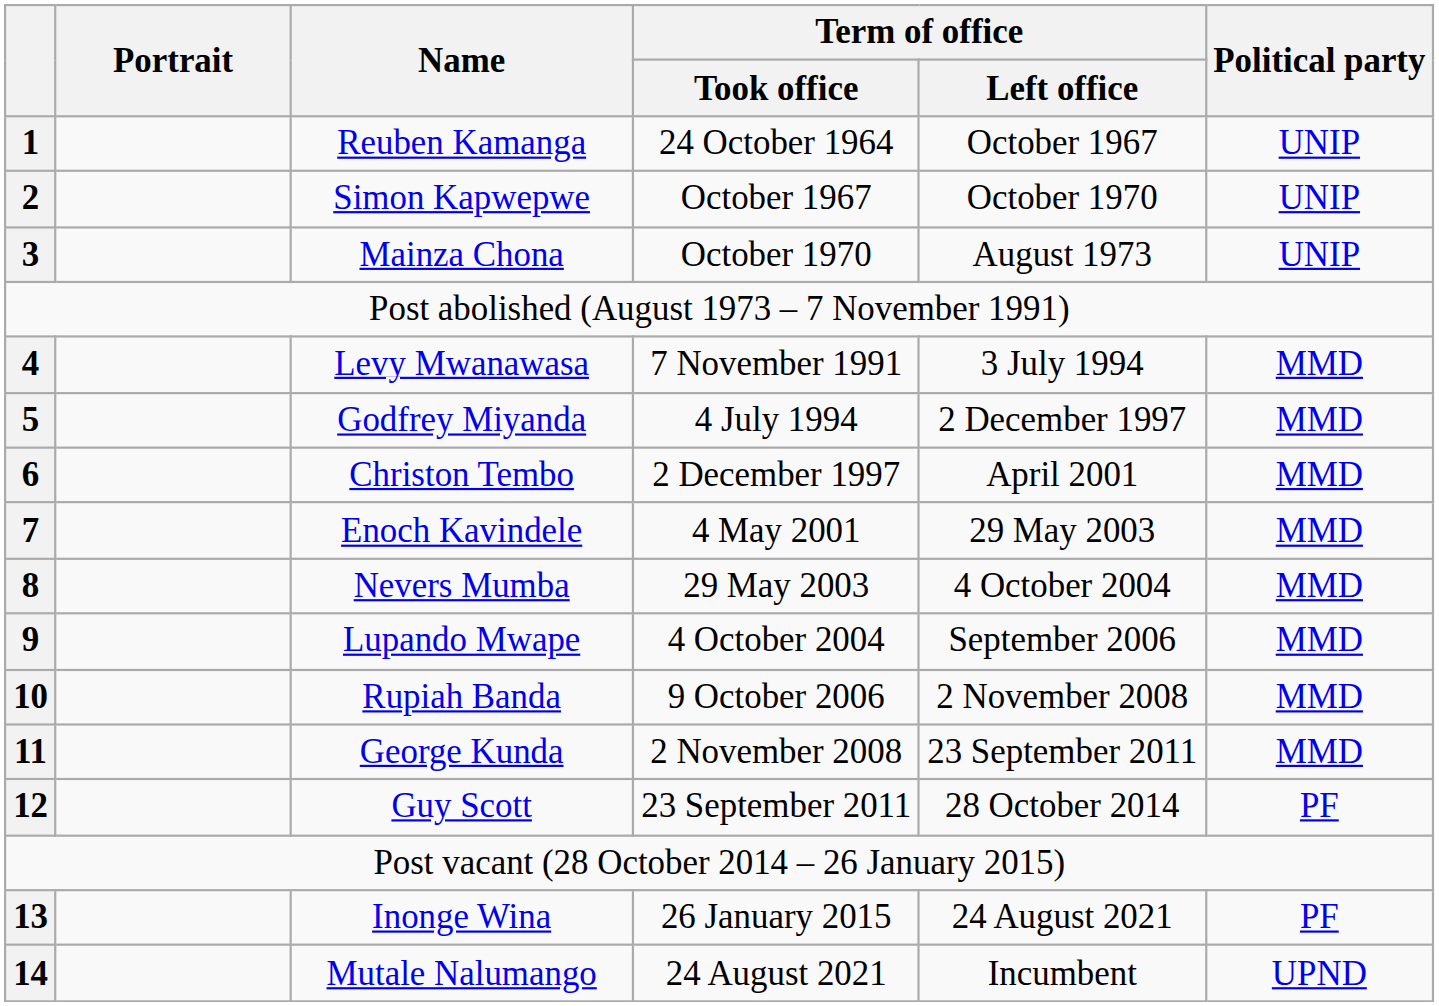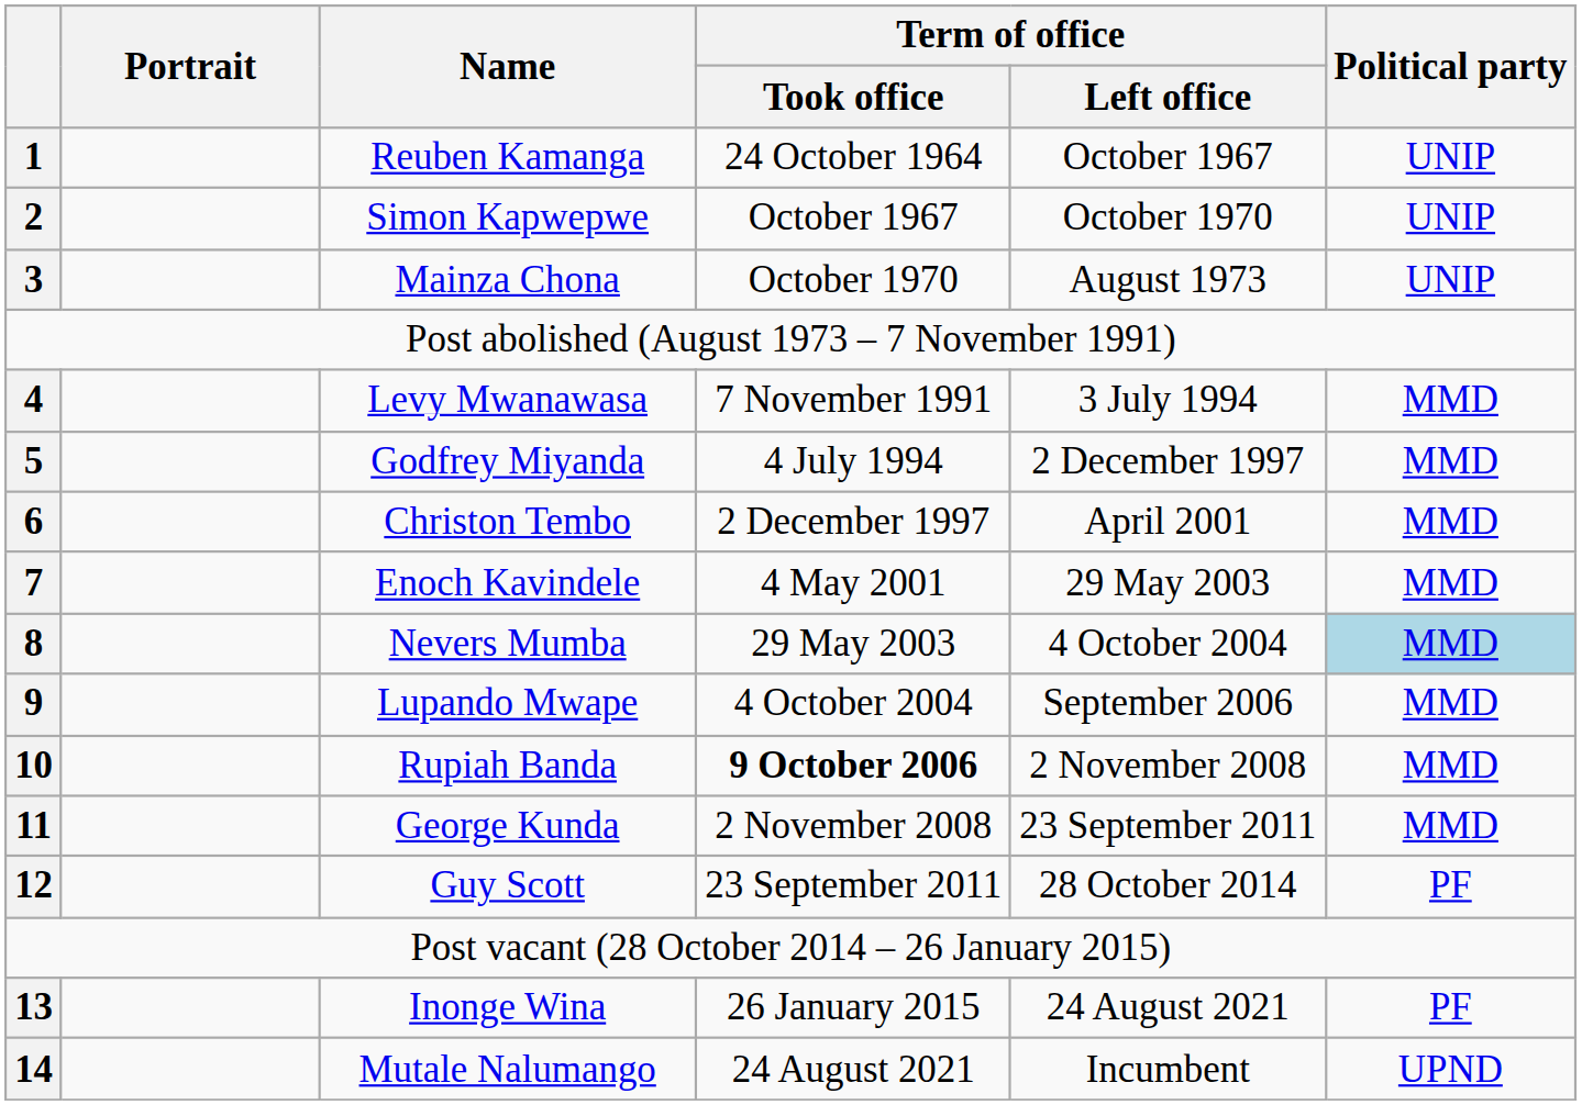 <table class="wikitable" style="text-align:center">
 <tr>
 <th rowspan="2"></th>
 <th rowspan="2" style="width:100px;">Portrait</th>
 <th rowspan="2" width="150">Name<br></th>
 <th colspan="2">Term of office</th>
 <th rowspan="2">Political party</th>
 </tr>
 <tr>
 <th>Took office</th>
 <th>Left office</th>
 </tr>
 <tr>
 <th style="background:">1</th>
 <td></td>
 <td><a href='#'>Reuben Kamanga</a><br></td>
 <td>24 October 1964</td>
 <td>October 1967</td>
 <td><a href='#'>UNIP</a></td>
 </tr>
 <tr>
 <th style="background:">2</th>
 <td></td>
 <td><a href='#'>Simon Kapwepwe</a><br></td>
 <td>October 1967</td>
 <td>October 1970</td>
 <td><a href='#'>UNIP</a></td>
 </tr>
 <tr>
 <th style="background:">3</th>
 <td></td>
 <td><a href='#'>Mainza Chona</a><br></td>
 <td>October 1970</td>
 <td>August 1973</td>
 <td><a href='#'>UNIP</a></td>
 </tr>
 <tr>
 <td colspan="6">Post abolished (August 1973 – 7 November 1991)</td>
 </tr>
 <tr>
 <th style="background:">4</th>
 <td></td>
 <td><a href='#'>Levy Mwanawasa</a><br></td>
 <td>7 November 1991</td>
 <td>3 July 1994</td>
 <td><a href='#'>MMD</a></td>
 </tr>
 <tr>
 <th style="background:">5</th>
 <td></td>
 <td><a href='#'>Godfrey Miyanda</a><br></td>
 <td>4 July 1994</td>
 <td>2 December 1997</td>
 <td><a href='#'>MMD</a></td>
 </tr>
 <tr>
 <th style="background:">6</th>
 <td></td>
 <td><a href='#'>Christon Tembo</a><br></td>
 <td>2 December 1997</td>
 <td>April 2001</td>
 <td><a href='#'>MMD</a></td>
 </tr>
 <tr>
 <th style="background:">7</th>
 <td></td>
 <td><a href='#'>Enoch Kavindele</a><br></td>
 <td>4 May 2001</td>
 <td>29 May 2003</td>
 <td><a href='#'>MMD</a></td>
 </tr>
 <tr>
 <th style="background:">8</th>
 <td></td>
 <td><a href='#'>Nevers Mumba</a><br></td>
 <td>29 May 2003</td>
 <td>4 October 2004</td>
-<td><a href='#'>MMD</a></td>
+<td style="background: lightblue;"><a href='#'>MMD</a></td>
 </tr>
 <tr>
 <th style="background:">9</th>
 <td></td>
 <td><a href='#'>Lupando Mwape</a><br></td>
 <td>4 October 2004</td>
 <td>September 2006</td>
 <td><a href='#'>MMD</a></td>
 </tr>
 <tr>
 <th style="background:">10</th>
 <td></td>
 <td><a href='#'>Rupiah Banda</a><br></td>
-<td>9 October 2006</td>
+<td><strong>9 October 2006</strong></td>
 <td>2 November 2008</td>
 <td><a href='#'>MMD</a></td>
 </tr>
 <tr>
 <th style="background:">11</th>
 <td></td>
 <td><a href='#'>George Kunda</a><br></td>
 <td>2 November 2008</td>
 <td>23 September 2011</td>
 <td><a href='#'>MMD</a></td>
 </tr>
 <tr>
 <th style="background:">12</th>
 <td></td>
 <td><a href='#'>Guy Scott</a><br></td>
 <td>23 September 2011</td>
 <td>28 October 2014</td>
 <td><a href='#'>PF</a></td>
 </tr>
 <tr>
 <td colspan="6">Post vacant (28 October 2014 – 26 January 2015)</td>
 </tr>
 <tr>
 <th style="background:">13</th>
 <td></td>
 <td><a href='#'>Inonge Wina</a><br></td>
 <td>26 January 2015</td>
 <td>24 August 2021</td>
 <td><a href='#'>PF</a></td>
 </tr>
 <tr>
 <th style="background:">14</th>
 <td></td>
 <td><a href='#'>Mutale Nalumango</a><br></td>
 <td>24 August 2021</td>
 <td>Incumbent</td>
 <td><a href='#'>UPND</a></td>
 </tr>
 </table>
